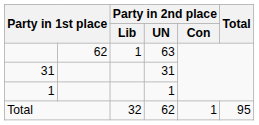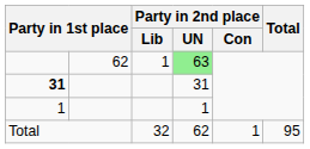 <table class="wikitable" style="text-align:right;">
 <tr>
 <th rowspan="2" colspan="2" style="text-align:left;">Party in 1st place</th>
 <th colspan="3">Party in 2nd place</th>
 <th rowspan="2">Total</th>
 </tr>
 <tr>
 <th>Lib</th>
 <th>UN</th>
 <th>Con</th>
 </tr>
 <tr>
 <td></td>
 <td>62</td>
 <td>1</td>
-<td>63</td>
+<td style="background: lightgreen;">63</td>
 </tr>
 <tr>
-<td>31</td>
+<td><strong>31</strong></td>
 <td></td>
 <td></td>
 <td>31</td>
 </tr>
 <tr>
 <td>1</td>
 <td></td>
 <td></td>
 <td>1</td>
 </tr>
 <tr>
 <td colspan="2" style="text-align:left;">Total</td>
 <td>32</td>
 <td>62</td>
 <td>1</td>
 <td>95</td>
 </tr>
 </table>
